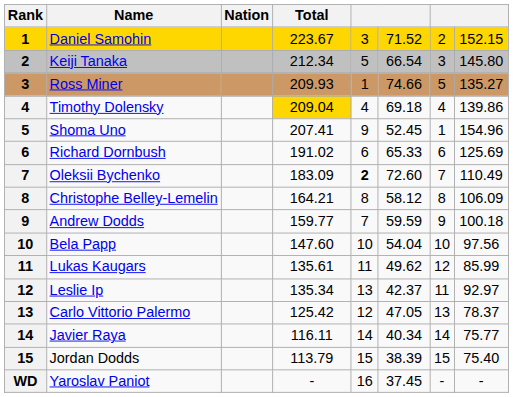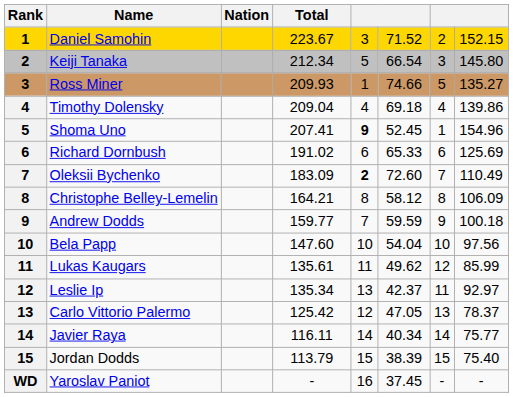 <table class="wikitable sortable">
 <tr>
 <th>Rank</th>
 <th>Name</th>
 <th>Nation</th>
 <th width="80px">Total</th>
 <th colspan="2" width="80px"></th>
 <th colspan="2" width="80px"></th>
 </tr>
 <tr bgcolor="gold">
 <td align="center"><strong>1</strong></td>
 <td><a href='#'>Daniel Samohin</a></td>
 <td></td>
 <td align="center">223.67</td>
 <td align="center">3</td>
 <td align="center">71.52</td>
 <td align="center">2</td>
 <td align="center">152.15</td>
 </tr>
 <tr bgcolor="silver">
 <td align="center"><strong>2</strong></td>
 <td><a href='#'>Keiji Tanaka</a></td>
 <td></td>
 <td align="center">212.34</td>
 <td align="center">5</td>
 <td align="center">66.54</td>
 <td align="center">3</td>
 <td align="center">145.80</td>
 </tr>
 <tr bgcolor="cc9966">
 <td align="center"><strong>3</strong></td>
 <td><a href='#'>Ross Miner</a></td>
 <td></td>
 <td align="center">209.93</td>
 <td align="center">1</td>
 <td align="center">74.66</td>
 <td align="center">5</td>
 <td align="center">135.27</td>
 </tr>
 <tr>
 <th>4</th>
 <td><a href='#'>Timothy Dolensky</a></td>
 <td></td>
-<td align="center" style="background: gold;">209.04</td>
+<td align="center">209.04</td>
 <td align="center">4</td>
 <td align="center">69.18</td>
 <td align="center">4</td>
 <td align="center">139.86</td>
 </tr>
 <tr>
 <th>5</th>
 <td><a href='#'>Shoma Uno</a></td>
 <td></td>
 <td align="center">207.41</td>
-<td align="center">9</td>
+<td align="center"><strong>9</strong></td>
 <td align="center">52.45</td>
 <td align="center">1</td>
 <td align="center">154.96</td>
 </tr>
 <tr>
 <th>6</th>
 <td><a href='#'>Richard Dornbush</a></td>
 <td></td>
 <td align="center">191.02</td>
 <td align="center">6</td>
 <td align="center">65.33</td>
 <td align="center">6</td>
 <td align="center">125.69</td>
 </tr>
 <tr>
 <th>7</th>
 <td><a href='#'>Oleksii Bychenko</a></td>
 <td></td>
 <td align="center">183.09</td>
 <td align="center"><strong>2</strong></td>
 <td align="center">72.60</td>
 <td align="center">7</td>
 <td align="center">110.49</td>
 </tr>
 <tr>
 <th>8</th>
 <td><a href='#'>Christophe Belley-Lemelin</a></td>
 <td></td>
 <td align="center">164.21</td>
 <td align="center">8</td>
 <td align="center">58.12</td>
 <td align="center">8</td>
 <td align="center">106.09</td>
 </tr>
 <tr>
 <th>9</th>
 <td><a href='#'>Andrew Dodds</a></td>
 <td></td>
 <td align="center">159.77</td>
 <td align="center">7</td>
 <td align="center">59.59</td>
 <td align="center">9</td>
 <td align="center">100.18</td>
 </tr>
 <tr>
 <th>10</th>
 <td><a href='#'>Bela Papp</a></td>
 <td></td>
 <td align="center">147.60</td>
 <td align="center">10</td>
 <td align="center">54.04</td>
 <td align="center">10</td>
 <td align="center">97.56</td>
 </tr>
 <tr>
 <th>11</th>
 <td><a href='#'>Lukas Kaugars</a></td>
 <td></td>
 <td align="center">135.61</td>
 <td align="center">11</td>
 <td align="center">49.62</td>
 <td align="center">12</td>
 <td align="center">85.99</td>
 </tr>
 <tr>
 <th>12</th>
 <td><a href='#'>Leslie Ip</a></td>
 <td></td>
 <td align="center">135.34</td>
 <td align="center">13</td>
 <td align="center">42.37</td>
 <td align="center">11</td>
 <td align="center">92.97</td>
 </tr>
 <tr>
 <th>13</th>
 <td><a href='#'>Carlo Vittorio Palermo</a></td>
 <td></td>
 <td align="center">125.42</td>
 <td align="center">12</td>
 <td align="center">47.05</td>
 <td align="center">13</td>
 <td align="center">78.37</td>
 </tr>
 <tr>
 <th>14</th>
 <td><a href='#'>Javier Raya</a></td>
 <td></td>
 <td align="center">116.11</td>
 <td align="center">14</td>
 <td align="center">40.34</td>
 <td align="center">14</td>
 <td align="center">75.77</td>
 </tr>
 <tr>
 <th>15</th>
 <td>Jordan Dodds</td>
 <td></td>
 <td align="center">113.79</td>
 <td align="center">15</td>
 <td align="center">38.39</td>
 <td align="center">15</td>
 <td align="center">75.40</td>
 </tr>
 <tr>
 <th>WD</th>
 <td><a href='#'>Yaroslav Paniot</a></td>
 <td></td>
 <td align="center">-</td>
 <td align="center">16</td>
 <td align="center">37.45</td>
 <td align="center">-</td>
 <td align="center">-</td>
 </tr>
 </table>
